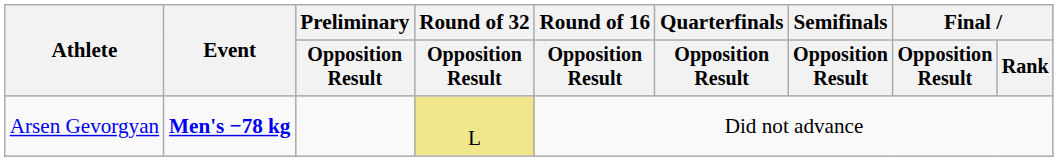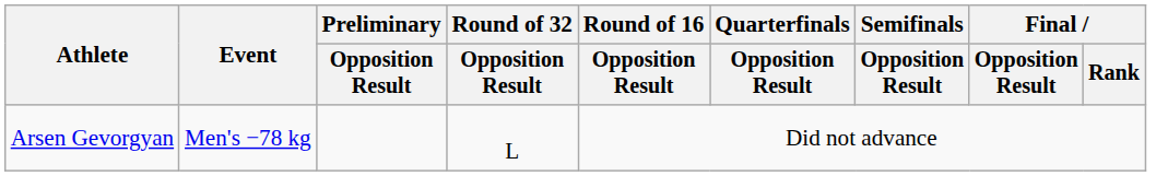 <table class="wikitable" style="font-size:90%">
 <tr>
 <th rowspan="2">Athlete</th>
 <th rowspan="2">Event</th>
 <th>Preliminary</th>
 <th>Round of 32</th>
 <th>Round of 16</th>
 <th>Quarterfinals</th>
 <th>Semifinals</th>
 <th colspan=2>Final / </th>
 </tr>
 <tr style="font-size:95%">
 <th>Opposition<br>Result</th>
 <th>Opposition<br>Result</th>
 <th>Opposition<br>Result</th>
 <th>Opposition<br>Result</th>
 <th>Opposition<br>Result</th>
 <th>Opposition<br>Result</th>
 <th>Rank</th>
 </tr>
 <tr align=center>
 <td align=left><a href='#'>Arsen Gevorgyan</a></td>
-<td align=left><strong><a href='#'>Men's −78 kg</a></strong></td>
+<td align=left><a href='#'>Men's −78 kg</a></td>
 <td></td>
-<td style="background: khaki;"><br> L</td>
+<td><br> L</td>
 <td colspan=5>Did not advance</td>
 </tr>
 </table>
